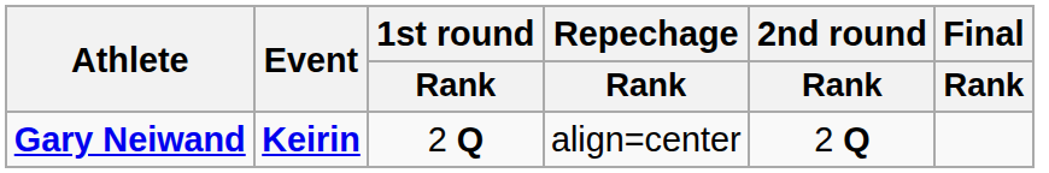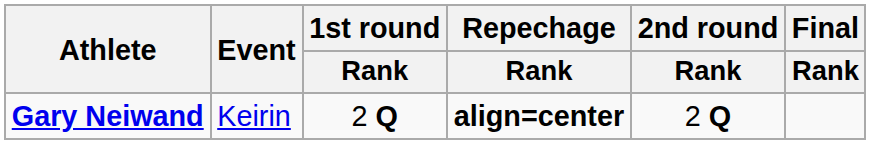 <table class=wikitable style="font-size:90%">
 <tr>
 <th rowspan="2">Athlete</th>
 <th rowspan="2">Event</th>
 <th>1st round</th>
 <th>Repechage</th>
 <th>2nd round</th>
 <th>Final</th>
 </tr>
 <tr style="font-size:95%">
 <th>Rank</th>
 <th>Rank</th>
 <th>Rank</th>
 <th>Rank</th>
 </tr>
 <tr>
 <td align=left><strong><a href='#'>Gary Neiwand</a></strong></td>
-<td align=left><strong><a href='#'>Keirin</a></strong></td>
+<td align=left><a href='#'>Keirin</a></td>
 <td align=center>2 <strong>Q</strong></td>
-<td>align=center </td>
+<td><strong>align=center </strong></td>
 <td align=center>2 <strong>Q</strong></td>
 <td align=center></td>
 </tr>
 </table>
